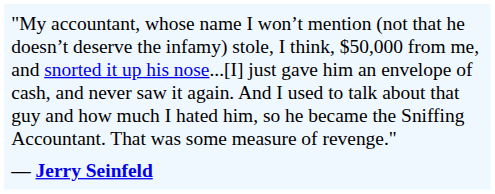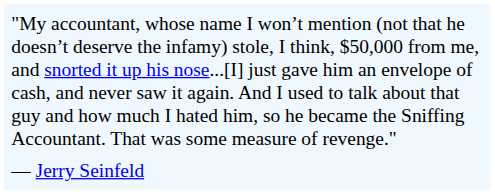 <table class="toccolours" style="float: right; margin-left: 1em; margin-right: 2em; font-size: 95%; background:#F0F8FF; color:black; width:25em; max-width: 40%;" cellspacing="5">
 <tr>
 <td style="text-align: left;">"My accountant, whose name I won’t mention (not that he doesn’t deserve the infamy) stole, I think, $50,000 from me, and <a href='#'>snorted it up his nose</a>...[I] just gave him an envelope of cash, and never saw it again. And I used to talk about that guy and how much I hated him, so he became the Sniffing Accountant. That was some measure of revenge."</td>
 </tr>
 <tr>
-<td style="text-align: left;"><strong>— <a href='#'>Jerry Seinfeld</a></strong></td>
+<td style="text-align: left;">— <a href='#'>Jerry Seinfeld</a></td>
 </tr>
 </table>
